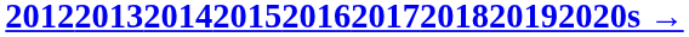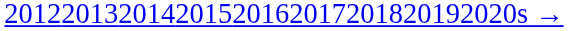 <table id=toc class=toc summary=Contents>
 <tr>
 <th></th>
 </tr>
 <tr>
-<td align=center><strong><a href='#'>2012</a><a href='#'>2013</a><a href='#'>2014</a><a href='#'>2015</a><a href='#'>2016</a><a href='#'>2017</a><a href='#'>2018</a><a href='#'>2019</a><a href='#'>2020s →</a></strong></td>
+<td align=center><a href='#'>2012</a><a href='#'>2013</a><a href='#'>2014</a><a href='#'>2015</a><a href='#'>2016</a><a href='#'>2017</a><a href='#'>2018</a><a href='#'>2019</a><a href='#'>2020s →</a></td>
 </tr>
 </table>
